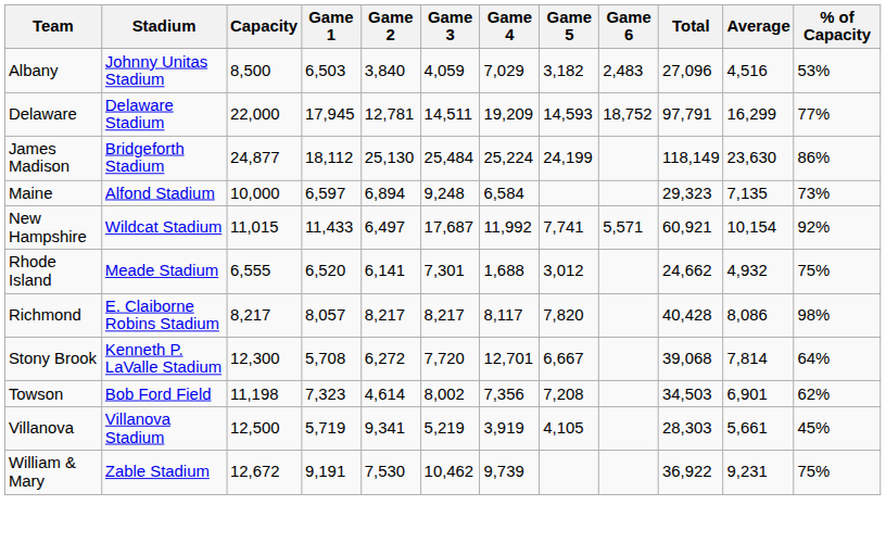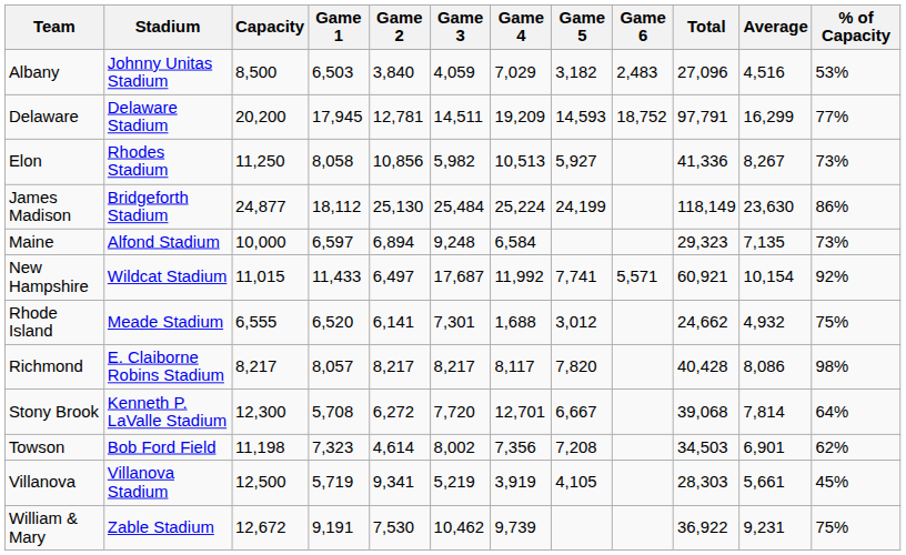 <table class="wikitable sortable">
 <tr>
 <th>Team</th>
 <th>Stadium</th>
 <th>Capacity</th>
 <th>Game 1</th>
 <th>Game 2</th>
 <th>Game 3</th>
 <th>Game 4</th>
 <th>Game 5</th>
 <th>Game 6</th>
 <th>Total</th>
 <th>Average</th>
 <th>% of Capacity</th>
 </tr>
 <tr>
 <td>Albany</td>
 <td><a href='#'>Johnny Unitas Stadium</a></td>
 <td>8,500</td>
 <td>6,503</td>
 <td>3,840</td>
 <td>4,059</td>
 <td>7,029</td>
 <td>3,182</td>
 <td>2,483</td>
 <td>27,096</td>
 <td>4,516</td>
 <td>53%</td>
 </tr>
 <tr>
 <td>Delaware</td>
 <td><a href='#'>Delaware Stadium</a></td>
-<td>22,000</td>
+<td>20,200</td>
 <td>17,945</td>
 <td>12,781</td>
 <td>14,511</td>
 <td>19,209</td>
 <td>14,593</td>
 <td>18,752</td>
 <td>97,791</td>
 <td>16,299</td>
 <td>77%</td>
+</tr>
+<tr>
+<td>Elon</td>
+<td><a href='#'>Rhodes Stadium</a></td>
+<td>11,250</td>
+<td>8,058</td>
+<td>10,856</td>
+<td>5,982</td>
+<td>10,513</td>
+<td>5,927</td>
+<td></td>
+<td>41,336</td>
+<td>8,267</td>
+<td>73%</td>
 </tr>
 <tr>
 <td>James Madison</td>
 <td><a href='#'>Bridgeforth Stadium</a></td>
 <td>24,877</td>
 <td>18,112</td>
 <td>25,130</td>
 <td>25,484</td>
 <td>25,224</td>
 <td>24,199</td>
 <td></td>
 <td>118,149</td>
 <td>23,630</td>
 <td>86%</td>
 </tr>
 <tr>
 <td>Maine</td>
 <td><a href='#'>Alfond Stadium</a></td>
 <td>10,000</td>
 <td>6,597</td>
 <td>6,894</td>
 <td>9,248</td>
 <td>6,584</td>
 <td></td>
 <td></td>
 <td>29,323</td>
 <td>7,135</td>
 <td>73%</td>
 </tr>
 <tr>
 <td>New Hampshire</td>
 <td><a href='#'>Wildcat Stadium</a></td>
 <td>11,015</td>
 <td>11,433</td>
 <td>6,497</td>
 <td>17,687</td>
 <td>11,992</td>
 <td>7,741</td>
 <td>5,571</td>
 <td>60,921</td>
 <td>10,154</td>
 <td>92%</td>
 </tr>
 <tr>
 <td>Rhode Island</td>
 <td><a href='#'>Meade Stadium</a></td>
 <td>6,555</td>
 <td>6,520</td>
 <td>6,141</td>
 <td>7,301</td>
 <td>1,688</td>
 <td>3,012</td>
 <td></td>
 <td>24,662</td>
 <td>4,932</td>
 <td>75%</td>
 </tr>
 <tr>
 <td>Richmond</td>
 <td><a href='#'>E. Claiborne Robins Stadium</a></td>
 <td>8,217</td>
 <td>8,057</td>
 <td>8,217</td>
 <td>8,217</td>
 <td>8,117</td>
 <td>7,820</td>
 <td></td>
 <td>40,428</td>
 <td>8,086</td>
 <td>98%</td>
 </tr>
 <tr>
 <td>Stony Brook</td>
 <td><a href='#'>Kenneth P. LaValle Stadium</a></td>
 <td>12,300</td>
 <td>5,708</td>
 <td>6,272</td>
 <td>7,720</td>
 <td>12,701</td>
 <td>6,667</td>
 <td></td>
 <td>39,068</td>
 <td>7,814</td>
 <td>64%</td>
 </tr>
 <tr>
 <td>Towson</td>
 <td><a href='#'>Bob Ford Field</a></td>
 <td>11,198</td>
 <td>7,323</td>
 <td>4,614</td>
 <td>8,002</td>
 <td>7,356</td>
 <td>7,208</td>
 <td></td>
 <td>34,503</td>
 <td>6,901</td>
 <td>62%</td>
 </tr>
 <tr>
 <td>Villanova</td>
 <td><a href='#'>Villanova Stadium</a></td>
 <td>12,500</td>
 <td>5,719</td>
 <td>9,341</td>
 <td>5,219</td>
 <td>3,919</td>
 <td>4,105</td>
 <td></td>
 <td>28,303</td>
 <td>5,661</td>
 <td>45%</td>
 </tr>
 <tr>
 <td>William & Mary</td>
 <td><a href='#'>Zable Stadium</a></td>
 <td>12,672</td>
 <td>9,191</td>
 <td>7,530</td>
 <td>10,462</td>
 <td>9,739</td>
 <td></td>
 <td></td>
 <td>36,922</td>
 <td>9,231</td>
 <td>75%</td>
 </tr>
 </table>
